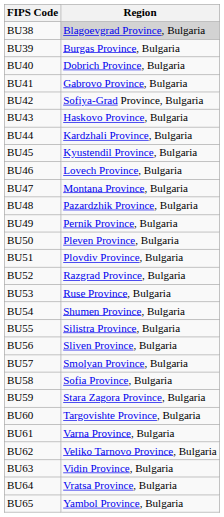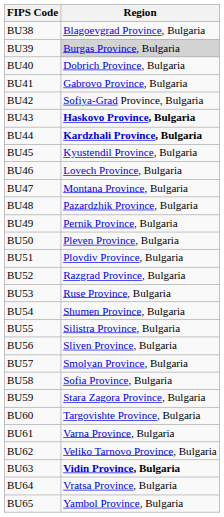 <table class="wikitable">
 <tr>
 <th>FIPS Code</th>
 <th>Region</th>
 </tr>
 <tr>
 <td>BU38</td>
-<td style="background: lightgrey;"><a href='#'>Blagoevgrad Province</a>, Bulgaria</td>
+<td><a href='#'>Blagoevgrad Province</a>, Bulgaria</td>
 </tr>
 <tr>
 <td>BU39</td>
-<td><a href='#'>Burgas Province</a>, Bulgaria</td>
+<td style="background: lightgrey;"><a href='#'>Burgas Province</a>, Bulgaria</td>
 </tr>
 <tr>
 <td>BU40</td>
 <td><a href='#'>Dobrich Province</a>, Bulgaria</td>
 </tr>
 <tr>
 <td>BU41</td>
 <td><a href='#'>Gabrovo Province</a>, Bulgaria</td>
 </tr>
 <tr>
 <td>BU42</td>
 <td><a href='#'>Sofiya-Grad</a> Province, Bulgaria</td>
 </tr>
 <tr>
 <td>BU43</td>
-<td><a href='#'>Haskovo Province</a>, Bulgaria</td>
+<td><strong><a href='#'>Haskovo Province</a>, Bulgaria</strong></td>
 </tr>
 <tr>
 <td>BU44</td>
-<td><a href='#'>Kardzhali Province</a>, Bulgaria</td>
+<td><strong><a href='#'>Kardzhali Province</a>, Bulgaria</strong></td>
 </tr>
 <tr>
 <td>BU45</td>
 <td><a href='#'>Kyustendil Province</a>, Bulgaria</td>
 </tr>
 <tr>
 <td>BU46</td>
 <td><a href='#'>Lovech Province</a>, Bulgaria</td>
 </tr>
 <tr>
 <td>BU47</td>
 <td><a href='#'>Montana Province</a>, Bulgaria</td>
 </tr>
 <tr>
 <td>BU48</td>
 <td><a href='#'>Pazardzhik Province</a>, Bulgaria</td>
 </tr>
 <tr>
 <td>BU49</td>
 <td><a href='#'>Pernik Province</a>, Bulgaria</td>
 </tr>
 <tr>
 <td>BU50</td>
 <td><a href='#'>Pleven Province</a>, Bulgaria</td>
 </tr>
 <tr>
 <td>BU51</td>
 <td><a href='#'>Plovdiv Province</a>, Bulgaria</td>
 </tr>
 <tr>
 <td>BU52</td>
 <td><a href='#'>Razgrad Province</a>, Bulgaria</td>
 </tr>
 <tr>
 <td>BU53</td>
 <td><a href='#'>Ruse Province</a>, Bulgaria</td>
 </tr>
 <tr>
 <td>BU54</td>
 <td><a href='#'>Shumen Province</a>, Bulgaria</td>
 </tr>
 <tr>
 <td>BU55</td>
 <td><a href='#'>Silistra Province</a>, Bulgaria</td>
 </tr>
 <tr>
 <td>BU56</td>
 <td><a href='#'>Sliven Province</a>, Bulgaria</td>
 </tr>
 <tr>
 <td>BU57</td>
 <td><a href='#'>Smolyan Province</a>, Bulgaria</td>
 </tr>
 <tr>
 <td>BU58</td>
 <td><a href='#'>Sofia Province</a>, Bulgaria</td>
 </tr>
 <tr>
 <td>BU59</td>
 <td><a href='#'>Stara Zagora Province</a>, Bulgaria</td>
 </tr>
 <tr>
 <td>BU60</td>
 <td><a href='#'>Targovishte Province</a>, Bulgaria</td>
 </tr>
 <tr>
 <td>BU61</td>
 <td><a href='#'>Varna Province</a>, Bulgaria</td>
 </tr>
 <tr>
 <td>BU62</td>
 <td><a href='#'>Veliko Tarnovo Province</a>, Bulgaria</td>
 </tr>
 <tr>
 <td>BU63</td>
-<td><a href='#'>Vidin Province</a>, Bulgaria</td>
+<td><strong><a href='#'>Vidin Province</a>, Bulgaria</strong></td>
 </tr>
 <tr>
 <td>BU64</td>
 <td><a href='#'>Vratsa Province</a>, Bulgaria</td>
 </tr>
 <tr>
 <td>BU65</td>
 <td><a href='#'>Yambol Province</a>, Bulgaria</td>
 </tr>
 </table>
